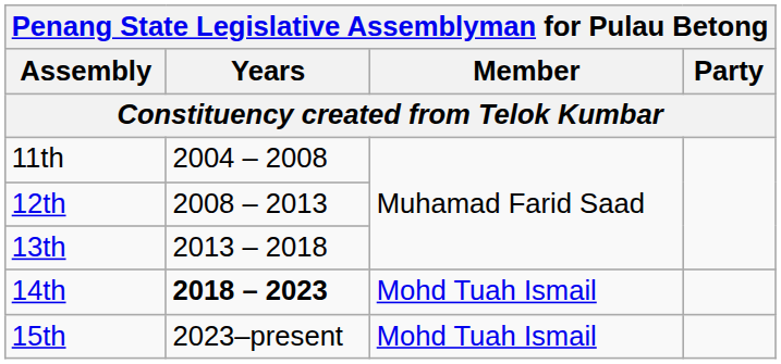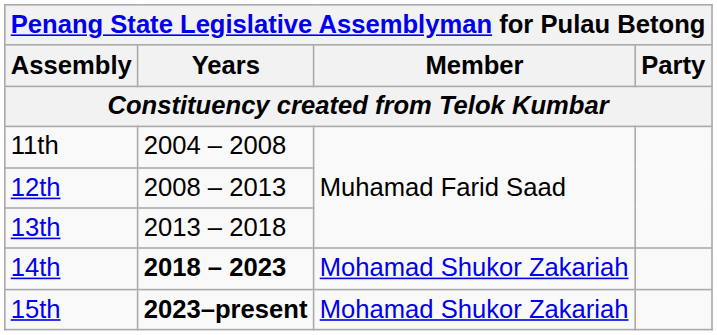 <table class="wikitable">
 <tr>
 <th colspan="4"><a href='#'>Penang State Legislative Assemblyman</a> for Pulau Betong</th>
 </tr>
 <tr>
 <th>Assembly</th>
 <th>Years</th>
 <th>Member</th>
 <th>Party</th>
 </tr>
 <tr>
 <th colspan="4" align="center"><em>Constituency created from Telok Kumbar</em></th>
 </tr>
 <tr>
 <td>11th</td>
 <td>2004 – 2008</td>
 <td rowspan="3">Muhamad Farid Saad</td>
 <td rowspan="3"></td>
 </tr>
 <tr>
 <td><a href='#'>12th</a></td>
 <td>2008 – 2013</td>
 </tr>
 <tr>
 <td><a href='#'>13th</a></td>
 <td>2013 – 2018</td>
 </tr>
 <tr>
 <td><a href='#'>14th</a></td>
 <td><strong>2018 – 2023</strong></td>
-<td><a href='#'>Mohd Tuah Ismail</a></td>
+<td><a href='#'>Mohamad Shukor Zakariah</a></td>
 <td></td>
 </tr>
 <tr>
 <td><a href='#'>15th</a></td>
-<td>2023–present</td>
-<td><a href='#'>Mohd Tuah Ismail</a></td>
+<td><strong>2023–present</strong></td>
+<td><a href='#'>Mohamad Shukor Zakariah</a></td>
 <td></td>
 </tr>
 </table>
